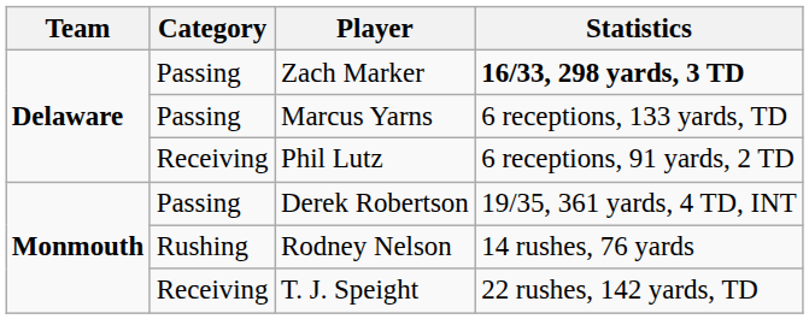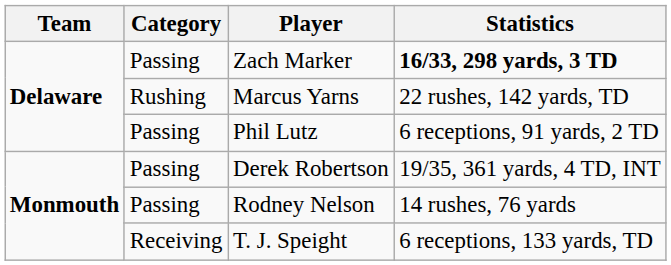 <table class="wikitable" style="float: right;">
 <tr>
 <th>Team</th>
 <th>Category</th>
 <th>Player</th>
 <th>Statistics</th>
 </tr>
 <tr>
 <td rowspan=3><strong>Delaware</strong></td>
 <td>Passing</td>
 <td>Zach Marker</td>
 <td><strong>16/33, 298 yards, 3 TD</strong></td>
 </tr>
 <tr>
-<td>Passing</td>
+<td>Rushing</td>
 <td>Marcus Yarns</td>
-<td>6 receptions, 133 yards, TD</td>
+<td>22 rushes, 142 yards, TD</td>
 </tr>
 <tr>
-<td>Receiving</td>
+<td>Passing</td>
 <td>Phil Lutz</td>
 <td>6 receptions, 91 yards, 2 TD</td>
 </tr>
 <tr>
 <td rowspan=3><strong>Monmouth</strong></td>
 <td>Passing</td>
 <td>Derek Robertson</td>
 <td>19/35, 361 yards, 4 TD, INT</td>
 </tr>
 <tr>
-<td>Rushing</td>
+<td>Passing</td>
 <td>Rodney Nelson</td>
 <td>14 rushes, 76 yards</td>
 </tr>
 <tr>
 <td>Receiving</td>
 <td>T. J. Speight</td>
-<td>22 rushes, 142 yards, TD</td>
+<td>6 receptions, 133 yards, TD</td>
 </tr>
 </table>
